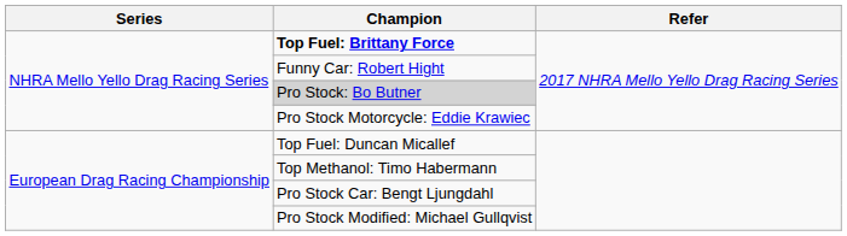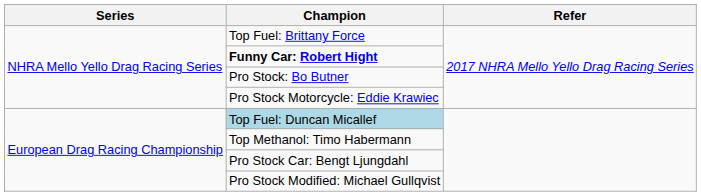 <table class="wikitable" style="font-size:87%;">
 <tr>
 <th>Series</th>
 <th>Champion</th>
 <th>Refer</th>
 </tr>
 <tr>
 <td rowspan=4><a href='#'>NHRA Mello Yello Drag Racing Series</a></td>
-<td><strong>Top Fuel:  <a href='#'>Brittany Force</a></strong></td>
+<td>Top Fuel:  <a href='#'>Brittany Force</a></td>
 <td rowspan=4><em><a href='#'>2017 NHRA Mello Yello Drag Racing Series</a></em></td>
 </tr>
 <tr>
-<td>Funny Car:  <a href='#'>Robert Hight</a></td>
+<td><strong>Funny Car:  <a href='#'>Robert Hight</a></strong></td>
 </tr>
 <tr>
-<td style="background: lightgrey;">Pro Stock:  <a href='#'>Bo Butner</a></td>
+<td>Pro Stock:  <a href='#'>Bo Butner</a></td>
 </tr>
 <tr>
 <td>Pro Stock Motorcycle:  <a href='#'>Eddie Krawiec</a></td>
 </tr>
 <tr>
 <td rowspan=4><a href='#'>European Drag Racing Championship</a></td>
-<td>Top Fuel:  Duncan Micallef</td>
+<td style="background: lightblue;">Top Fuel:  Duncan Micallef</td>
 <td rowspan=4></td>
 </tr>
 <tr>
 <td>Top Methanol:  Timo Habermann</td>
 </tr>
 <tr>
 <td>Pro Stock Car:  Bengt Ljungdahl</td>
 </tr>
 <tr>
 <td>Pro Stock Modified:  Michael Gullqvist</td>
 </tr>
 </table>
